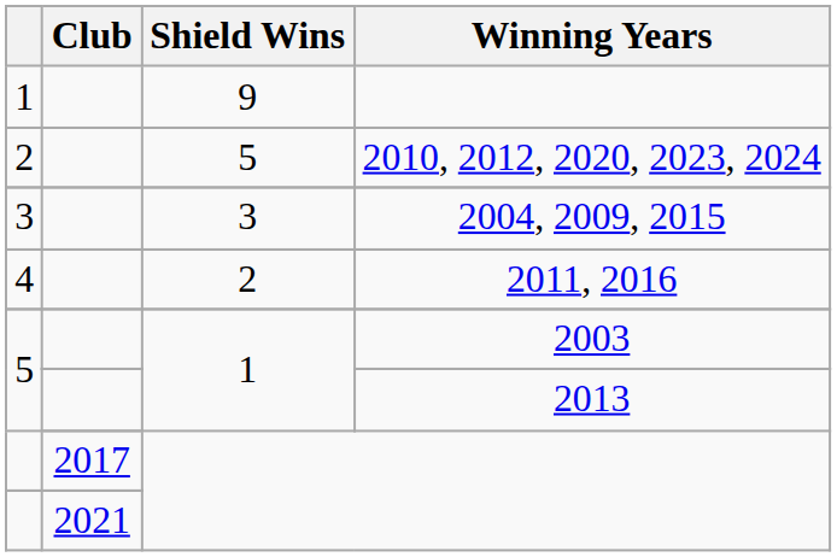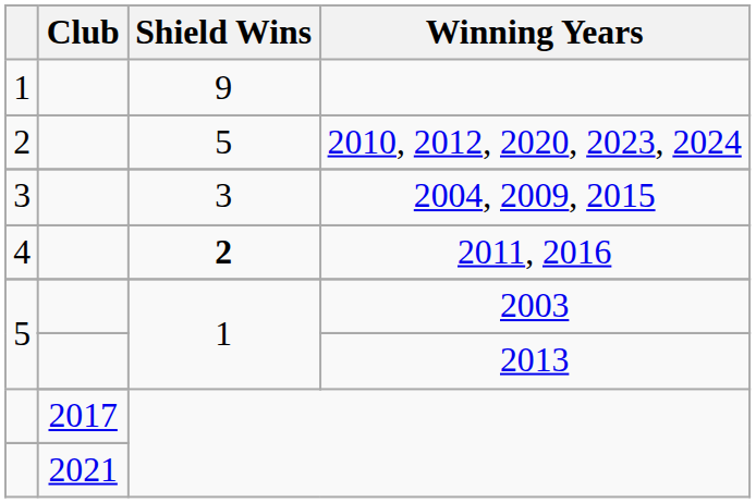 <table class="wikitable" style="text-align: centre;">
 <tr>
 <th></th>
 <th>Club</th>
 <th>Shield Wins</th>
 <th>Winning Years</th>
 </tr>
 <tr align="center">
 <td>1</td>
 <td></td>
 <td>9</td>
 <td></td>
 </tr>
 <tr>
 </tr>
 <tr align="center">
 <td>2</td>
 <td></td>
 <td>5</td>
 <td><a href='#'>2010</a>, <a href='#'>2012</a>, <a href='#'>2020</a>, <a href='#'>2023</a>, <a href='#'>2024</a></td>
 </tr>
 <tr>
 </tr>
 <tr align="center">
 <td>3</td>
 <td></td>
 <td>3</td>
 <td><a href='#'>2004</a>, <a href='#'>2009</a>, <a href='#'>2015</a></td>
 </tr>
 <tr>
 </tr>
 <tr align="center">
 <td>4</td>
 <td></td>
-<td>2</td>
+<td><strong>2</strong></td>
 <td><a href='#'>2011</a>, <a href='#'>2016</a></td>
 </tr>
 <tr>
 </tr>
 <tr align="center">
 <td rowspan=4>5</td>
 <td></td>
 <td rowspan=4>1</td>
 <td><a href='#'>2003</a></td>
 </tr>
 <tr>
 </tr>
 <tr align="center">
 <td></td>
 <td><a href='#'>2013</a></td>
 </tr>
 <tr>
 </tr>
 <tr align="center">
 <td></td>
 <td><a href='#'>2017</a></td>
 </tr>
 <tr>
 </tr>
 <tr align="center">
 <td></td>
 <td><a href='#'>2021</a></td>
 </tr>
 </table>
